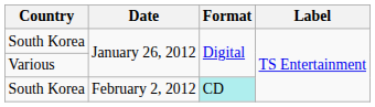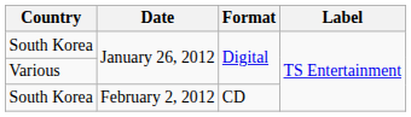 <table class="wikitable">
 <tr>
 <th>Country</th>
 <th>Date</th>
 <th>Format</th>
 <th>Label</th>
 </tr>
 <tr>
 <td rowspan="1">South Korea</td>
 <td rowspan="2">January 26, 2012</td>
 <td rowspan="2"><a href='#'>Digital</a></td>
 <td rowspan="3"><a href='#'>TS Entertainment</a></td>
 </tr>
 <tr>
 <td rowspan="1">Various</td>
 </tr>
 <tr>
 <td rowspan="1">South Korea</td>
 <td rowspan="1">February 2, 2012</td>
-<td style="background: paleturquoise;">CD</td>
+<td>CD</td>
 </tr>
 </table>
